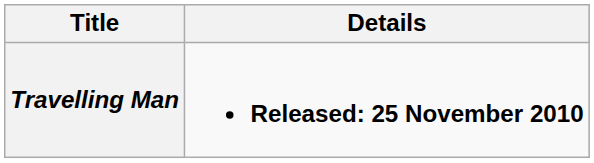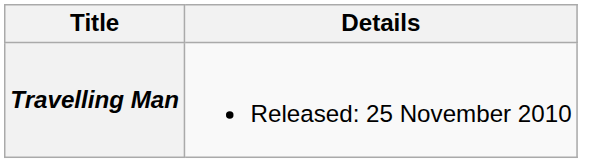 <table class="wikitable plainrowheaders" style="text-align:center;">
 <tr>
 <th scope="col">Title</th>
 <th scope="col">Details</th>
 </tr>
 <tr>
 <th scope="row"><em>Travelling Man</em></th>
-<td><strong><br><ul><li>Released: 25 November 2010</li></ul></strong></td>
+<td><br><ul><li>Released: 25 November 2010</li></ul></td>
 </tr>
 </table>
